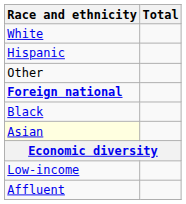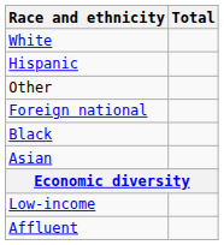 <table class="wikitable floatright sortable collapsible"; text-align:right; font-size:80%;">
 <tr>
 <th>Race and ethnicity</th>
 <th colspan="2" data-sort-type=number>Total</th>
 </tr>
 <tr>
 <td><a href='#'>White</a></td>
 <td align=right></td>
 </tr>
 <tr>
 <td><a href='#'>Hispanic</a></td>
 <td align=right></td>
 </tr>
 <tr>
 <td>Other</td>
 <td align=right></td>
 </tr>
 <tr>
-<td><strong><a href='#'>Foreign national</a></strong></td>
+<td><a href='#'>Foreign national</a></td>
 <td align=right></td>
 </tr>
 <tr>
 <td><a href='#'>Black</a></td>
 <td align=right></td>
 </tr>
 <tr>
-<td style="background: lightyellow;"><a href='#'>Asian</a></td>
+<td><a href='#'>Asian</a></td>
 <td align=right></td>
 </tr>
 <tr>
 <th colspan="4" data-sort-type=number><a href='#'>Economic diversity</a></th>
 </tr>
 <tr>
 <td><a href='#'>Low-income</a></td>
 <td align=right></td>
 </tr>
 <tr>
 <td><a href='#'>Affluent</a></td>
 <td align=right></td>
 </tr>
 </table>
